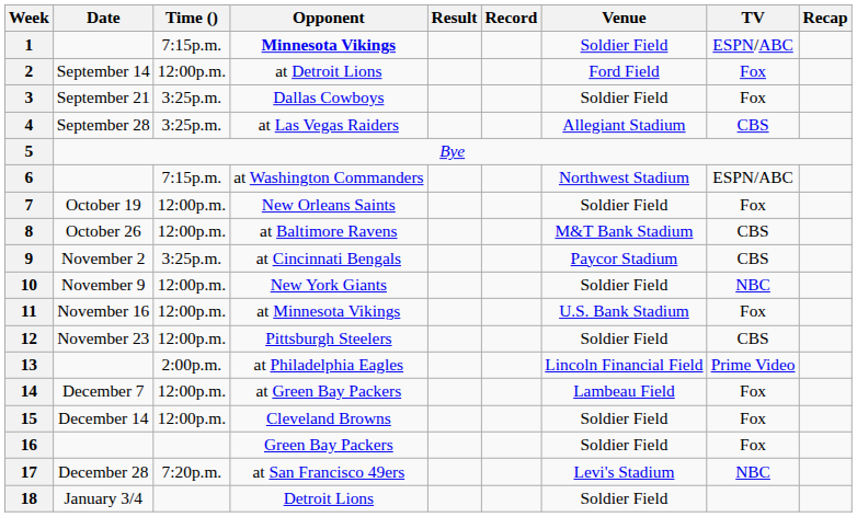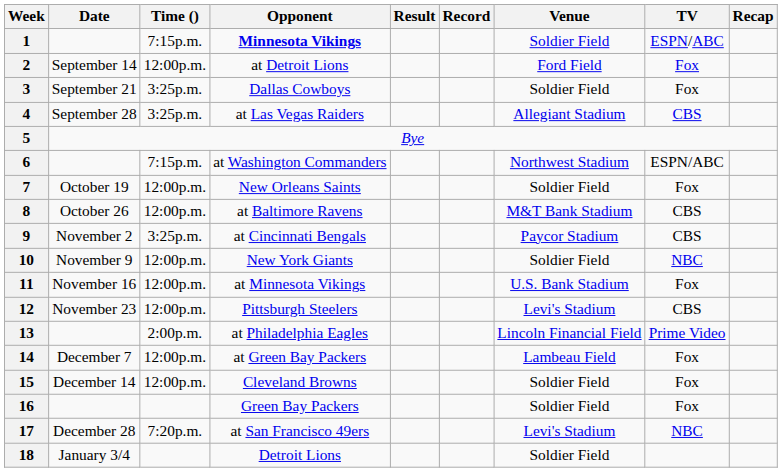 <table class="wikitable" style="text-align:center">
 <tr>
 <th>Week</th>
 <th>Date</th>
 <th>Time (<a href='#'></a>)</th>
 <th>Opponent</th>
 <th>Result</th>
 <th>Record</th>
 <th>Venue</th>
 <th>TV</th>
 <th>Recap</th>
 </tr>
 <tr>
 <th>1 </th>
 <td></td>
 <td>7:15p.m.</td>
 <td><strong><a href='#'>Minnesota Vikings</a></td>
 <td></td>
 <td></td>
 <td><a href='#'>Soldier Field</a></td>
 <td><a href='#'>ESPN</a>/<a href='#'>ABC</a></td>
 <td></td>
 </tr>
 <tr>
 <th>2 </th>
 <td>September 14</td>
 <td>12:00p.m.</td>
 <td>at </strong><a href='#'>Detroit Lions</a><strong></td>
 <td></td>
 <td></td>
 <td><a href='#'>Ford Field</a></td>
 <td><a href='#'>Fox</a></td>
 <td></td>
 </tr>
 <tr>
 <th>3 </th>
 <td>September 21</td>
 <td>3:25p.m.</td>
 <td><a href='#'>Dallas Cowboys</a></td>
 <td></td>
 <td></td>
 <td>Soldier Field</td>
 <td>Fox</td>
 <td></td>
 </tr>
 <tr>
 <th>4 </th>
 <td>September 28</td>
 <td>3:25p.m.</td>
 <td>at <a href='#'>Las Vegas Raiders</a></td>
 <td></td>
 <td></td>
 <td><a href='#'>Allegiant Stadium</a></td>
 <td><a href='#'>CBS</a></td>
 <td></td>
 </tr>
 <tr>
 <th>5</th>
 <td colspan=8><em><a href='#'>Bye</a></em></td>
 </tr>
 <tr>
 <th>6 </th>
 <td></td>
 <td>7:15p.m.</td>
 <td>at <a href='#'>Washington Commanders</a></td>
 <td></td>
 <td></td>
 <td><a href='#'>Northwest Stadium</a></td>
 <td>ESPN/ABC</td>
 <td></td>
 </tr>
 <tr>
 <th>7 </th>
 <td>October 19</td>
 <td>12:00p.m.</td>
 <td><a href='#'>New Orleans Saints</a></td>
 <td></td>
 <td></td>
 <td>Soldier Field</td>
 <td>Fox</td>
 <td></td>
 </tr>
 <tr>
 <th>8 </th>
 <td>October 26</td>
 <td>12:00p.m.</td>
 <td>at <a href='#'>Baltimore Ravens</a></td>
 <td></td>
 <td></td>
 <td><a href='#'>M&T Bank Stadium</a></td>
 <td>CBS</td>
 <td></td>
 </tr>
 <tr>
 <th>9 </th>
 <td>November 2</td>
 <td>3:25p.m.</td>
 <td>at <a href='#'>Cincinnati Bengals</a></td>
 <td></td>
 <td></td>
 <td><a href='#'>Paycor Stadium</a></td>
 <td>CBS</td>
 <td></td>
 </tr>
 <tr>
 <th>10 </th>
 <td>November 9</td>
 <td>12:00p.m.</td>
 <td><a href='#'>New York Giants</a></td>
 <td></td>
 <td></td>
 <td>Soldier Field</td>
 <td><a href='#'>NBC</a></td>
 <td></td>
 </tr>
 <tr>
 <th>11 </th>
 <td>November 16</td>
 <td>12:00p.m.</td>
 <td>at </strong><a href='#'>Minnesota Vikings</a><strong></td>
 <td></td>
 <td></td>
 <td><a href='#'>U.S. Bank Stadium</a></td>
 <td>Fox</td>
 <td></td>
 </tr>
 <tr>
 <th>12 </th>
 <td>November 23</td>
 <td>12:00p.m.</td>
 <td><a href='#'>Pittsburgh Steelers</a></td>
 <td></td>
 <td></td>
-<td>Soldier Field</td>
+<td><a href='#'>Levi's Stadium</a></td>
 <td>CBS</td>
 <td></td>
 </tr>
 <tr>
 <th>13 </th>
 <td></td>
 <td>2:00p.m.</td>
 <td>at <a href='#'>Philadelphia Eagles</a></td>
 <td></td>
 <td></td>
 <td><a href='#'>Lincoln Financial Field</a></td>
 <td><a href='#'>Prime Video</a></td>
 <td></td>
 </tr>
 <tr>
 <th>14 </th>
 <td>December 7</td>
 <td>12:00p.m.</td>
 <td>at </strong><a href='#'>Green Bay Packers</a><strong></td>
 <td></td>
 <td></td>
 <td><a href='#'>Lambeau Field</a></td>
 <td>Fox</td>
 <td></td>
 </tr>
 <tr>
 <th>15 </th>
 <td>December 14</td>
 <td>12:00p.m.</td>
 <td><a href='#'>Cleveland Browns</a></td>
 <td></td>
 <td></td>
 <td>Soldier Field</td>
 <td>Fox</td>
 <td></td>
 </tr>
 <tr>
 <th>16 </th>
 <td></td>
 <td></td>
 <td></strong><a href='#'>Green Bay Packers</a><strong></td>
 <td></td>
 <td></td>
 <td>Soldier Field</td>
 <td>Fox</td>
 <td></td>
 </tr>
 <tr>
 <th>17 </th>
 <td>December 28</td>
 <td>7:20p.m.</td>
 <td>at <a href='#'>San Francisco 49ers</a></td>
 <td></td>
 <td></td>
 <td><a href='#'>Levi's Stadium</a></td>
 <td><a href='#'>NBC</a></td>
 <td></td>
 </tr>
 <tr>
 <th>18 </th>
 <td>January 3/4</td>
 <td></td>
 <td></strong><a href='#'>Detroit Lions</a><strong></td>
 <td></td>
 <td></td>
 <td>Soldier Field</td>
 <td></td>
 <td></td>
 </tr>
 </table>
